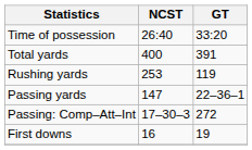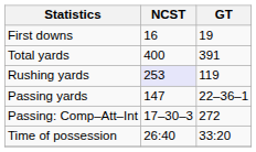 <table class="wikitable" style="float: left;">
 <tr>
 <th>Statistics</th>
 <th>NCST</th>
 <th>GT</th>
 </tr>
 <tr>
-<td>Time of possession</td>
-<td>26:40</td>
-<td>33:20</td>
+<td>First downs</td>
+<td>16</td>
+<td>19</td>
 </tr>
 <tr>
 <td>Total yards</td>
 <td>400</td>
 <td>391</td>
 </tr>
 <tr>
 <td>Rushing yards</td>
-<td>253</td>
+<td style="background: lavender;">253</td>
 <td>119</td>
 </tr>
 <tr>
 <td>Passing yards</td>
 <td>147</td>
 <td>22–36–1</td>
 </tr>
 <tr>
 <td>Passing: Comp–Att–Int</td>
 <td>17–30–3</td>
 <td>272</td>
 </tr>
 <tr>
-<td>First downs</td>
-<td>16</td>
-<td>19</td>
+<td>Time of possession</td>
+<td>26:40</td>
+<td>33:20</td>
 </tr>
 <tr>
 </tr>
 </table>
